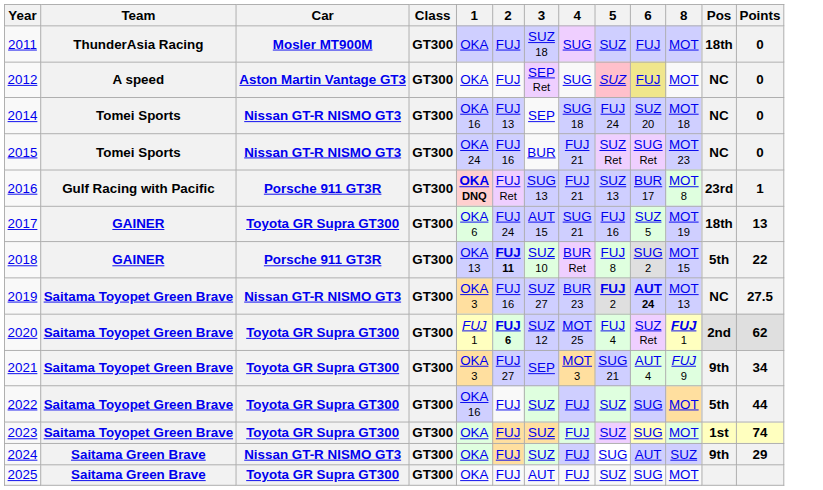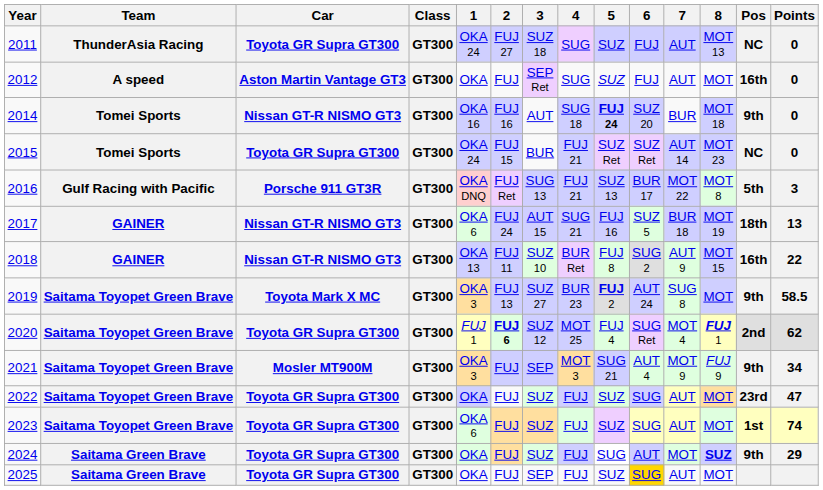 <table class="wikitable" style="text-align:center; font-size:90%">
 <tr>
 <th>Year</th>
 <th>Team</th>
 <th>Car</th>
 <th>Class</th>
 <th>1</th>
 <th>2</th>
 <th>3</th>
 <th>4</th>
 <th>5</th>
 <th>6</th>
+<th>7</th>
 <th>8</th>
 <th>Pos</th>
 <th>Points</th>
 </tr>
 <tr>
 <td><a href='#'>2011</a></td>
 <th>ThunderAsia Racing</th>
-<th><a href='#'>Mosler MT900M</a></th>
+<th><a href='#'>Toyota GR Supra GT300</a></th>
 <th>GT300</th>
-<td style="background:#CFCFFF;"><a href='#'>OKA</a><br></td>
-<td style="background:#CFCFFF;"><a href='#'>FUJ</a><br></td>
+<td style="background:#CFCFFF;"><a href='#'>OKA</a><br><small>24</small></td>
+<td style="background:#CFCFFF;"><a href='#'>FUJ</a><br><small>27</small></td>
 <td style="background:#CFCFFF;"><a href='#'>SUZ</a><br><small>18</small></td>
 <td style="background:#EFCFFF;"><a href='#'>SUG</a><br></td>
 <td style="background:#CFCFFF;"><a href='#'>SUZ</a><br></td>
 <td style="background:#CFCFFF;"><a href='#'>FUJ</a><br></td>
-<td style="background:#CFCFFF;"><a href='#'>MOT</a><br></td>
-<th>18th</th>
+<td style="background:#CFCFFF;"><a href='#'>AUT</a><br></td>
+<td style="background:#CFCFFF;"><a href='#'>MOT</a><br><small>13</small></td>
+<th>NC</th>
 <th>0</th>
 </tr>
 <tr>
 <td><a href='#'>2012</a></td>
 <th>A speed</th>
 <th><a href='#'>Aston Martin Vantage GT3</a></th>
 <th>GT300</th>
 <td><a href='#'>OKA</a></td>
 <td><a href='#'>FUJ</a></td>
 <td style="background:#EFCFFF;"><a href='#'>SEP</a><br><small>Ret</small></td>
 <td><a href='#'>SUG</a></td>
-<td style="background: pink;"><em><a href='#'>SUZ</a></em><br></td>
-<td style="background: khaki;"><a href='#'>FUJ</a></td>
+<td><em><a href='#'>SUZ</a></em><br></td>
+<td><a href='#'>FUJ</a></td>
+<td><a href='#'>AUT</a></td>
 <td><a href='#'>MOT</a></td>
-<th>NC</th>
+<th>16th</th>
 <th>0</th>
 </tr>
 <tr>
 <td><a href='#'>2014</a></td>
 <th>Tomei Sports</th>
 <th><a href='#'>Nissan GT-R NISMO GT3</a></th>
 <th>GT300</th>
 <td style="background:#CFCFFF;"><a href='#'>OKA</a><br><small>16</small></td>
-<td style="background:#CFCFFF;"><a href='#'>FUJ</a><br><small>13</small></td>
-<td><a href='#'>SEP</a></td>
+<td style="background:#CFCFFF;"><a href='#'>FUJ</a><br><small>16</small></td>
+<td><a href='#'>AUT</a><br></td>
 <td style="background:#CFCFFF;"><a href='#'>SUG</a><br><small>18</small></td>
-<td style="background:#CFCFFF;"><a href='#'>FUJ</a><br><small>24</small></td>
+<td style="background:#CFCFFF;"><strong><a href='#'>FUJ</a><br><small>24</small></strong></td>
 <td style="background:#CFCFFF;"><a href='#'>SUZ</a><br><small>20</small></td>
+<td><a href='#'>BUR</a></td>
 <td style="background:#CFCFFF;"><a href='#'>MOT</a><br><small>18</small></td>
-<th>NC</th>
+<th>9th</th>
 <th>0</th>
 </tr>
 <tr>
 <td><a href='#'>2015</a></td>
 <th>Tomei Sports</th>
-<th><a href='#'>Nissan GT-R NISMO GT3</a></th>
+<th><a href='#'>Toyota GR Supra GT300</a></th>
 <th>GT300</th>
 <td style="background:#CFCFFF;"><a href='#'>OKA</a><br><small>24</small></td>
-<td style="background:#CFCFFF;"><a href='#'>FUJ</a><br><small>16</small></td>
+<td style="background:#CFCFFF;"><a href='#'>FUJ</a><br><small>15</small></td>
 <td><a href='#'>BUR</a></td>
 <td style="background:#CFCFFF;"><a href='#'>FUJ</a><br><small>21</small></td>
 <td style="background:#EFCFFF;"><a href='#'>SUZ</a><br><small>Ret</small></td>
-<td style="background:#EFCFFF;"><a href='#'>SUG</a><br><small>Ret</small></td>
+<td style="background:#EFCFFF;"><a href='#'>SUZ</a><br><small>Ret</small></td>
+<td style="background:#CFCFFF;"><a href='#'>AUT</a><br><small>14</small></td>
 <td style="background:#CFCFFF;"><a href='#'>MOT</a><br><small>23</small></td>
 <th>NC</th>
 <th>0</th>
 </tr>
 <tr>
 <td><a href='#'>2016</a></td>
 <th>Gulf Racing with Pacific</th>
 <th><a href='#'>Porsche 911 GT3R</a></th>
 <th>GT300</th>
-<td style="background:#FFCFCF;"><strong><a href='#'>OKA</a><br><small>DNQ</small></strong></td>
+<td style="background:#FFCFCF;"><a href='#'>OKA</a><br><small>DNQ</small></td>
 <td style="background:#EFCFFF;"><a href='#'>FUJ</a><br><small>Ret</small></td>
 <td style="background:#CFCFFF;"><a href='#'>SUG</a><br><small>13</small></td>
 <td style="background:#CFCFFF;"><a href='#'>FUJ</a><br><small>21</small></td>
 <td style="background:#CFCFFF;"><a href='#'>SUZ</a><br><small>13</small></td>
 <td style="background:#CFCFFF;"><a href='#'>BUR</a><br><small>17</small></td>
+<td style="background:#CFCFFF;"><a href='#'>MOT</a><br><small>22</small></td>
 <td style="background:#DFFFDF;"><a href='#'>MOT</a><br><small>8</small></td>
-<th>23rd</th>
-<th>1</th>
+<th>5th</th>
+<th>3</th>
 </tr>
 <tr>
 <td><a href='#'>2017</a></td>
 <th><a href='#'>GAINER</a></th>
-<th><a href='#'>Toyota GR Supra GT300</a></th>
+<th><a href='#'>Nissan GT-R NISMO GT3</a></th>
 <th>GT300</th>
 <td style="background:#DFFFDF;"><a href='#'>OKA</a><br><small>6</small></td>
 <td style="background:#CFCFFF;"><a href='#'>FUJ</a><br><small>24</small></td>
 <td style="background:#CFCFFF;"><a href='#'>AUT</a><br><small>15</small></td>
 <td style="background:#CFCFFF;"><a href='#'>SUG</a><br><small>21</small></td>
 <td style="background:#CFCFFF;"><a href='#'>FUJ</a><br><small>16</small></td>
 <td style="background:#DFFFDF;"><a href='#'>SUZ</a><br><small>5</small></td>
+<td style="background:#CFCFFF;"><a href='#'>BUR</a><br><small>18</small></td>
 <td style="background:#CFCFFF;"><a href='#'>MOT</a><br><small>19</small></td>
 <th>18th</th>
 <th>13</th>
 </tr>
 <tr>
 <td><a href='#'>2018</a></td>
 <th><a href='#'>GAINER</a></th>
-<th><a href='#'>Porsche 911 GT3R</a></th>
+<th><a href='#'>Nissan GT-R NISMO GT3</a></th>
 <th>GT300</th>
 <td bgcolor="#CFCFFF"><a href='#'>OKA</a><br><small>13</small></td>
-<td bgcolor="#CFCFFF"><strong><a href='#'>FUJ</a><br><small>11</small></strong></td>
+<td bgcolor="#CFCFFF"><a href='#'>FUJ</a><br><small>11</small></td>
 <td bgcolor="#DFFFDF"><a href='#'>SUZ</a><br><small>10</small></td>
 <td bgcolor="#EFCFFF"><a href='#'>BUR</a><br><small>Ret</small></td>
 <td bgcolor="#DFFFDF"><a href='#'>FUJ</a><br><small>8</small></td>
 <td bgcolor="#DFDFDF"><a href='#'>SUG</a><br><small>2</small></td>
+<td bgcolor="#DFFFDF"><a href='#'>AUT</a><br><small>9</small></td>
 <td bgcolor="#CFCFFF"><a href='#'>MOT</a><br><small>15</small></td>
-<th>5th</th>
+<th>16th</th>
 <th>22</th>
 </tr>
 <tr>
 <td><a href='#'>2019</a></td>
 <th><a href='#'>Saitama Toyopet Green Brave</a></th>
-<th><a href='#'>Nissan GT-R NISMO GT3</a></th>
+<th><a href='#'>Toyota Mark X MC</a></th>
 <th>GT300</th>
 <td style="background:#FFDF9F;"><a href='#'>OKA</a><br><small>3</small></td>
-<td style="background:#CFCFFF;"><a href='#'>FUJ</a><br><small>16</small></td>
+<td style="background:#CFCFFF;"><a href='#'>FUJ</a><br><small>13</small></td>
 <td style="background:#CFCFFF;"><a href='#'>SUZ</a><br><small>27</small></td>
 <td style="background:#CFCFFF;"><a href='#'>BUR</a><br><small>23</small></td>
 <td style="background:#DFDFDF;"><strong><a href='#'>FUJ</a></strong><br><small>2</small></td>
-<td style="background:#CFCFFF;"><strong><a href='#'>AUT</a><br><small>24</small></strong></td>
-<td style="background:#CFCFFF;"><a href='#'>MOT</a><br><small>13</small></td>
-<th>NC</th>
-<th>27.5</th>
+<td style="background:#CFCFFF;"><a href='#'>AUT</a><br><small>24</small></td>
+<td style="background:#DFFFDF;"><a href='#'>SUG</a><br><small>8</small></td>
+<td style="background:#CFCFFF;"><a href='#'>MOT</a><br></td>
+<th>9th</th>
+<th>58.5</th>
 </tr>
 <tr>
 <td><a href='#'>2020</a></td>
 <th><a href='#'>Saitama Toyopet Green Brave</a></th>
 <th><a href='#'>Toyota GR Supra GT300</a></th>
 <th>GT300</th>
 <td style="background:#FFFFBF;"><em><a href='#'>FUJ</a></em><br><small>1</small></td>
 <td style="background:#DFFFDF;"><strong><a href='#'>FUJ</a><br><small>6</small></strong></td>
 <td style="background:#CFCFFF;"><a href='#'>SUZ</a><br><small>12</small></td>
 <td style="background:#CFCFFF;"><a href='#'>MOT</a><br><small>25</small></td>
 <td style="background:#DFFFDF;"><a href='#'>FUJ</a><br><small>4</small></td>
-<td style="background:#EFCFFF;"><a href='#'>SUZ</a><br><small>Ret</small></td>
+<td style="background:#EFCFFF;"><a href='#'>SUG</a><br><small>Ret</small></td>
+<td style="background:#DFFFDF;"><a href='#'>MOT</a><br><small>4</small></td>
 <td style="background:#FFFFBF;"><strong><em><a href='#'>FUJ</a></em></strong><br><small>1</small></td>
 <td style="background:#DFDFDF;"><strong>2nd</strong></td>
 <td style="background:#DFDFDF;"><strong>62</strong></td>
 </tr>
 <tr>
 <td><a href='#'>2021</a></td>
 <th><a href='#'>Saitama Toyopet Green Brave</a></th>
-<th><a href='#'>Toyota GR Supra GT300</a></th>
+<th><a href='#'>Mosler MT900M</a></th>
 <th>GT300</th>
 <td style="background:#FFDF9F;"><a href='#'>OKA</a><br><small>3</small></td>
-<td style="background:#CFCFFF;"><a href='#'>FUJ</a><br><small>27</small></td>
+<td style="background:#CFCFFF;"><a href='#'>FUJ</a><br></td>
 <td style="background:#CFCFFF;"><a href='#'>SEP</a><br></td>
 <td style="background:#FFDF9F;"><a href='#'>MOT</a><br><small>3</small></td>
 <td style="background:#CFCFFF;"><a href='#'>SUG</a><br><small>21</small></td>
 <td style="background:#DFFFDF;"><a href='#'>AUT</a><br><small>4</small></td>
+<td style="background:#DFFFDF;"><a href='#'>MOT</a><br><small>9</small></td>
 <td style="background:#DFFFDF;"><em><a href='#'>FUJ</a></em><br><small>9</small></td>
 <th>9th</th>
 <th>34</th>
 </tr>
 <tr>
 <td><a href='#'>2022</a></td>
 <th><a href='#'>Saitama Toyopet Green Brave</a></th>
 <th><a href='#'>Toyota GR Supra GT300</a></th>
 <th>GT300</th>
-<td style="background:#CFCFFF;"><a href='#'>OKA</a><br><small>16</small></td>
+<td style="background:#CFCFFF"><a href='#'>OKA</a><br></td>
 <td><a href='#'>FUJ</a></td>
 <td style="background:#DFFFDF;"><a href='#'>SUZ</a><br></td>
 <td style="background:#CFCFFF;"><a href='#'>FUJ</a><br></td>
 <td style="background:#DFFFDF;"><a href='#'>SUZ</a><br></td>
 <td style="background:#CFCFFF;"><a href='#'>SUG</a><br></td>
+<td style="background:#FFFFBF;"><a href='#'>AUT</a><br></td>
 <td style="background:#FFDF9F;"><a href='#'>MOT</a><br></td>
-<th>5th</th>
-<th>44</th>
+<th>23rd</th>
+<th>47</th>
 </tr>
 <tr>
 <td><a href='#'>2023</a></td>
 <th><a href='#'>Saitama Toyopet Green Brave</a></th>
 <th><a href='#'>Toyota GR Supra GT300</a></th>
 <th>GT300</th>
-<td style="background:#dfffdf;"><a href='#'>OKA</a><br></td>
+<td style="background:#DFFFDF;"><a href='#'>OKA</a><br><small>6</small></td>
 <td style="background:#ffdf9f;"><a href='#'>FUJ</a><br></td>
 <td style="background:#ffdf9f;"><a href='#'>SUZ</a><br></td>
 <td style="background:#dfffdf;"><a href='#'>FUJ</a><br></td>
 <td style="background:#efcfff;"><a href='#'>SUZ</a><br></td>
 <td style="background:#ffffbf;"><a href='#'>SUG</a><br></td>
+<td style="background:#ffffbf;"><a href='#'>AUT</a><br></td>
 <td style="background:#dfffdf;"><a href='#'>MOT</a><br></td>
 <th style="background:#ffffbf;">1st</th>
 <th style="background:#ffffbf;">74</th>
 </tr>
 <tr>
 <td><a href='#'>2024</a></td>
 <th><a href='#'>Saitama Green Brave</a></th>
-<th><a href='#'>Nissan GT-R NISMO GT3</a></th>
+<th><a href='#'>Toyota GR Supra GT300</a></th>
 <th>GT300</th>
 <td style="background:#dfffdf;"><a href='#'>OKA</a><br></td>
 <td style="background:#ffdf9f;"><a href='#'>FUJ</a><br></td>
 <td style="background:#dfffdf;"><a href='#'>SUZ</a><br></td>
 <td style="background:#cfcfff;"><a href='#'>FUJ</a><br></td>
 <td style="background:#ffffff;"><a href='#'>SUG</a><br></td>
 <td style="background:#cfcfff;"><a href='#'>AUT</a><br></td>
-<td style="background:#cfcfff;"><a href='#'>SUZ</a><br></td>
+<td style="background:#dfffdf;"><a href='#'>MOT</a><br></td>
+<td style="background:#cfcfff;"><strong><a href='#'>SUZ</a><br></strong></td>
 <th>9th</th>
 <th>29</th>
 </tr>
 <tr>
 <td><a href='#'>2025</a></td>
 <th><a href='#'>Saitama Green Brave</a></th>
 <th><a href='#'>Toyota GR Supra GT300</a></th>
 <th>GT300</th>
 <td><a href='#'>OKA</a></td>
 <td><a href='#'>FUJ</a></td>
-<td><a href='#'>AUT</a><br></td>
+<td><a href='#'>SEP</a></td>
 <td><a href='#'>FUJ</a></td>
 <td><a href='#'>SUZ</a></td>
-<td><a href='#'>SUG</a></td>
+<td style="background: gold;"><a href='#'>SUG</a></td>
+<td><a href='#'>AUT</a></td>
 <td><a href='#'>MOT</a></td>
 <th></th>
 <th></th>
 </tr>
 </table>
